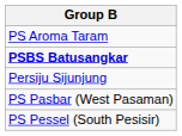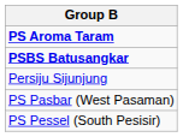 <table class="wikitable">
 <tr>
 <th><strong>Group B</strong></th>
 </tr>
 <tr>
-<td><a href='#'>PS Aroma Taram</a></td>
+<td><strong><a href='#'>PS Aroma Taram</a></strong></td>
 </tr>
 <tr>
 <td><strong><a href='#'>PSBS Batusangkar</a></strong></td>
 </tr>
 <tr>
 <td><a href='#'>Persiju Sijunjung</a></td>
 </tr>
 <tr>
 <td><a href='#'>PS Pasbar</a> (West Pasaman)</td>
 </tr>
 <tr>
 <td><a href='#'>PS Pessel</a> (South Pesisir)</td>
 </tr>
 </table>
